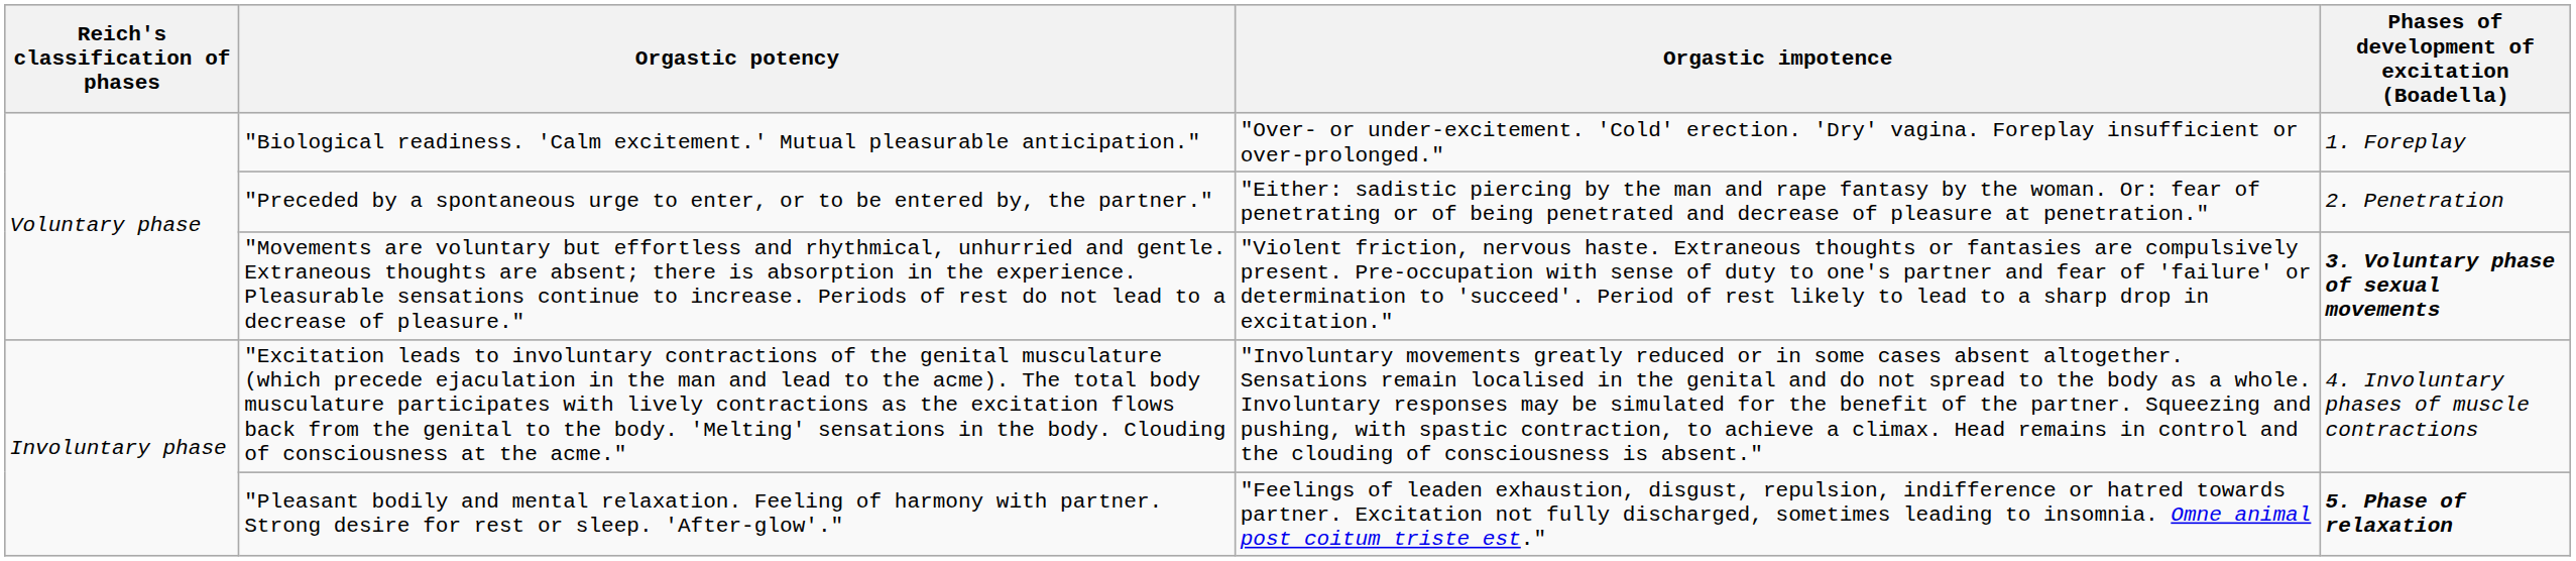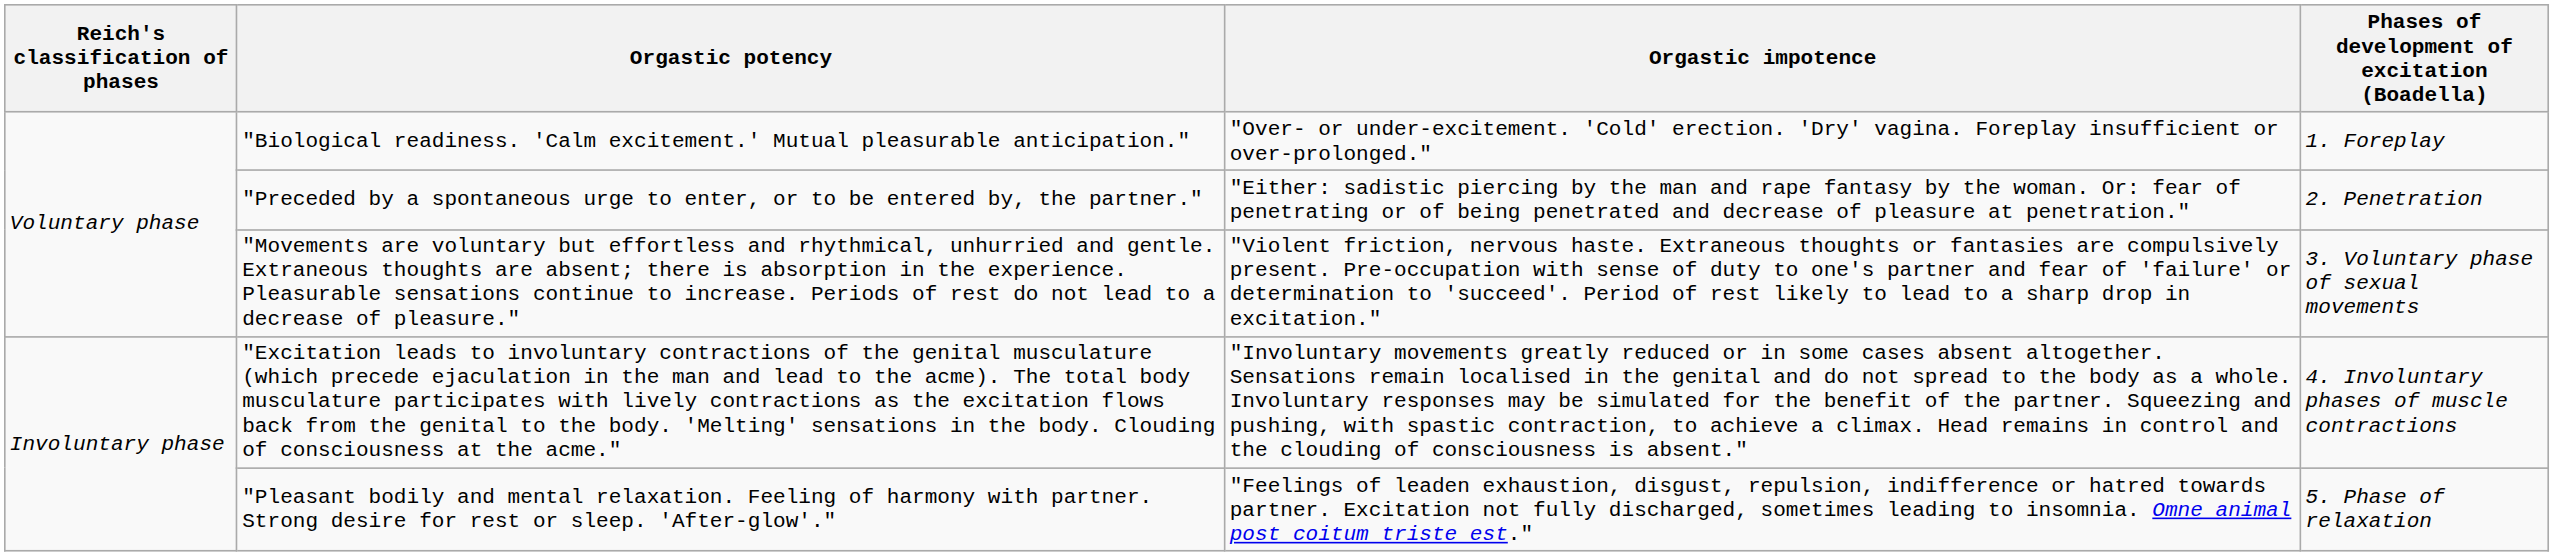 <table class="wikitable">
 <tr>
 <th>Reich's classification of phases</th>
 <th>Orgastic potency</th>
 <th>Orgastic impotence</th>
 <th>Phases of development of excitation (Boadella)</th>
 </tr>
 <tr>
 <td rowspan="3"><em>Voluntary phase</em></td>
 <td>"Biological readiness. 'Calm excitement.' Mutual pleasurable anticipation."</td>
 <td>"Over- or under-excitement. 'Cold' erection. 'Dry' vagina. Foreplay insufficient or over-prolonged."</td>
 <td><em>1. Foreplay</em></td>
 </tr>
 <tr>
 <td>"Preceded by a spontaneous urge to enter, or to be entered by, the partner."</td>
 <td>"Either: sadistic piercing by the man and rape fantasy by the woman. Or: fear of penetrating or of being penetrated and decrease of pleasure at penetration."</td>
 <td><em>2. Penetration</em></td>
 </tr>
 <tr>
 <td>"Movements are voluntary but effortless and rhythmical, unhurried and gentle. Extraneous thoughts are absent; there is absorption in the experience. Pleasurable sensations continue to increase. Periods of rest do not lead to a decrease of pleasure."</td>
 <td>"Violent friction, nervous haste. Extraneous thoughts or fantasies are compulsively present. Pre-occupation with sense of duty to one's partner and fear of 'failure' or determination to 'succeed'. Period of rest likely to lead to a sharp drop in excitation."</td>
-<td><strong><em>3. Voluntary phase of sexual movements</em></strong></td>
+<td><em>3. Voluntary phase of sexual movements</em></td>
 </tr>
 <tr>
 <td rowspan="2"><em>Involuntary phase</em></td>
 <td>"Excitation leads to involuntary contractions of the genital musculature (which precede ejaculation in the man and lead to the acme). The total body musculature participates with lively contractions as the excitation flows back from the genital to the body. 'Melting' sensations in the body. Clouding of consciousness at the acme."</td>
 <td>"Involuntary movements greatly reduced or in some cases absent altogether. Sensations remain localised in the genital and do not spread to the body as a whole. Involuntary responses may be simulated for the benefit of the partner. Squeezing and pushing, with spastic contraction, to achieve a climax. Head remains in control and the clouding of consciousness is absent."</td>
 <td><em>4. Involuntary phases of muscle contractions</em></td>
 </tr>
 <tr>
 <td>"Pleasant bodily and mental relaxation. Feeling of harmony with partner. Strong desire for rest or sleep. 'After-glow'."</td>
 <td>"Feelings of leaden exhaustion, disgust, repulsion, indifference or hatred towards partner. Excitation not fully discharged, sometimes leading to insomnia. <em><a href='#'>Omne animal post coitum triste est</a></em>."</td>
-<td><strong><em>5. Phase of relaxation</em></strong></td>
+<td><em>5. Phase of relaxation</em></td>
 </tr>
 </table>
